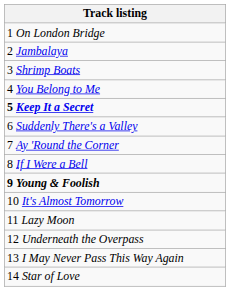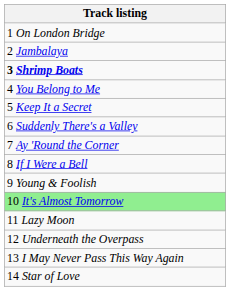 <table class="wikitable collapsible collapsed" style="width:300px;">
 <tr>
 <th>Track listing</th>
 </tr>
 <tr>
 <td>1 <em>On London Bridge</em></td>
 </tr>
 <tr>
 <td>2 <em><a href='#'>Jambalaya</a></em></td>
 </tr>
 <tr>
-<td>3 <em><a href='#'>Shrimp Boats</a></em></td>
+<td><strong>3 <em><a href='#'>Shrimp Boats</a></em></strong></td>
 </tr>
 <tr>
 <td>4 <em><a href='#'>You Belong to Me</a></em></td>
 </tr>
 <tr>
-<td><strong>5 <em><a href='#'>Keep It a Secret</a></em></strong></td>
+<td>5 <em><a href='#'>Keep It a Secret</a></em></td>
 </tr>
 <tr>
 <td>6 <em><a href='#'>Suddenly There's a Valley</a></em></td>
 </tr>
 <tr>
 <td>7 <em><a href='#'>Ay 'Round the Corner</a></em></td>
 </tr>
 <tr>
 <td>8 <em><a href='#'>If I Were a Bell</a></em></td>
 </tr>
 <tr>
-<td><strong>9 <em>Young & Foolish</em></strong></td>
+<td>9 <em>Young & Foolish</em></td>
 </tr>
 <tr>
-<td>10 <em><a href='#'>It's Almost Tomorrow</a></em></td>
+<td style="background: lightgreen;">10 <em><a href='#'>It's Almost Tomorrow</a></em></td>
 </tr>
 <tr>
 <td>11 <em>Lazy Moon</em></td>
 </tr>
 <tr>
 <td>12 <em>Underneath the Overpass</em></td>
 </tr>
 <tr>
 <td>13 <em>I May Never Pass This Way Again</em></td>
 </tr>
 <tr>
 <td>14 <em>Star of Love</em></td>
 </tr>
 </table>
